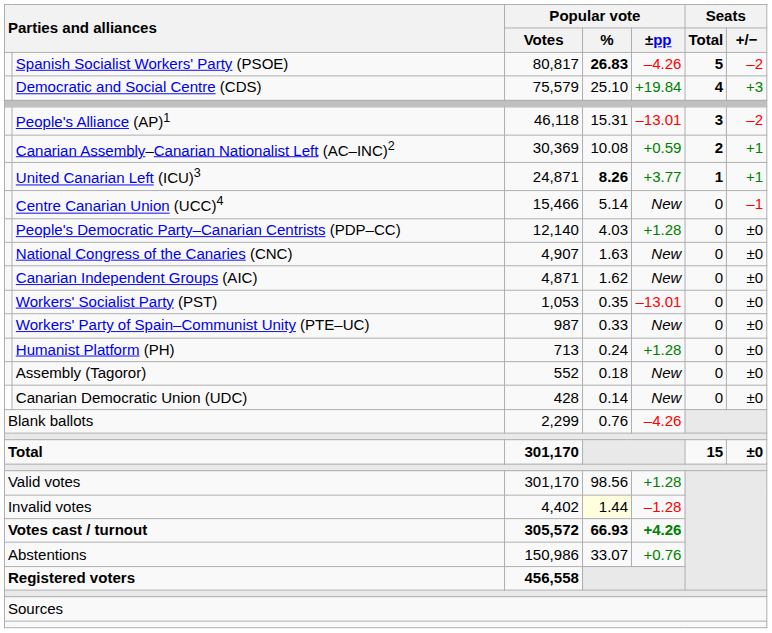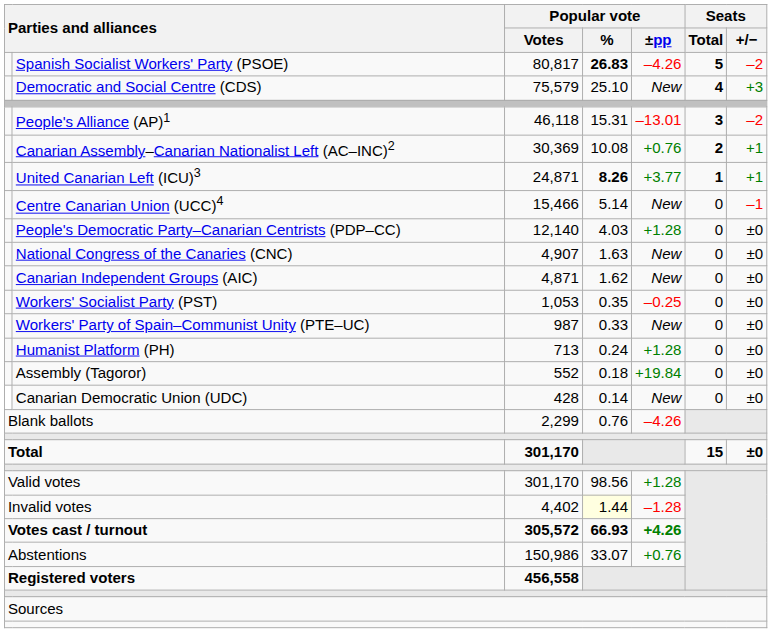 <table class="wikitable" style="text-align:right;">
 <tr>
 <th style="text-align:left;" rowspan="2" colspan="2" width="525">Parties and alliances</th>
 <th colspan="3">Popular vote</th>
 <th colspan="2">Seats</th>
 </tr>
 <tr>
 <th width="75">Votes</th>
 <th width="45">%</th>
 <th width="45">±<a href='#'>pp</a></th>
 <th width="35">Total</th>
 <th width="35">+/−</th>
 </tr>
 <tr>
 <td width="1" style="color:inherit;background:"></td>
 <td align="left"><a href='#'>Spanish Socialist Workers' Party</a> (PSOE)</td>
 <td>80,817</td>
 <td><strong>26.83</strong></td>
 <td style="color:red;">–4.26</td>
 <td><strong>5</strong></td>
 <td style="color:red;">–2</td>
 </tr>
 <tr>
 <td style="color:inherit;background:"></td>
 <td align="left"><a href='#'>Democratic and Social Centre</a> (CDS)</td>
 <td>75,579</td>
 <td>25.10</td>
-<td style="color:green;">+19.84</td>
+<td><em>New</em></td>
 <td><strong>4</strong></td>
 <td style="color:green;">+3</td>
 </tr>
 <tr>
 <td colspan="7" bgcolor="#C0C0C0"></td>
 </tr>
 <tr>
 <td style="color:inherit;background:"></td>
 <td align="left"><a href='#'>People's Alliance</a> (AP)<sup>1</sup></td>
 <td>46,118</td>
 <td>15.31</td>
 <td style="color:red;">–13.01</td>
 <td><strong>3</strong></td>
 <td style="color:red;">–2</td>
 </tr>
 <tr>
 <td style="color:inherit;background:"></td>
 <td align="left"><a href='#'>Canarian Assembly</a>–<a href='#'>Canarian Nationalist Left</a> (AC–INC)<sup>2</sup></td>
 <td>30,369</td>
 <td>10.08</td>
-<td style="color:green;">+0.59</td>
+<td style="color:green;">+0.76</td>
 <td><strong>2</strong></td>
 <td style="color:green;">+1</td>
 </tr>
 <tr>
 <td style="color:inherit;background:"></td>
 <td align="left"><a href='#'>United Canarian Left</a> (ICU)<sup>3</sup></td>
 <td>24,871</td>
 <td><strong>8.26</strong></td>
 <td style="color:green;">+3.77</td>
 <td><strong>1</strong></td>
 <td style="color:green;">+1</td>
 </tr>
 <tr>
 <td style="color:inherit;background:"></td>
 <td align="left"><a href='#'>Centre Canarian Union</a> (UCC)<sup>4</sup></td>
 <td>15,466</td>
 <td>5.14</td>
 <td><em>New</em></td>
 <td>0</td>
 <td style="color:red;">–1</td>
 </tr>
 <tr>
 <td style="color:inherit;background:"></td>
 <td align="left"><a href='#'>People's Democratic Party–Canarian Centrists</a> (PDP–CC)</td>
 <td>12,140</td>
 <td>4.03</td>
 <td style="color:green;">+1.28</td>
 <td>0</td>
 <td>±0</td>
 </tr>
 <tr>
 <td style="color:inherit;background:"></td>
 <td align="left"><a href='#'>National Congress of the Canaries</a> (CNC)</td>
 <td>4,907</td>
 <td>1.63</td>
 <td><em>New</em></td>
 <td>0</td>
 <td>±0</td>
 </tr>
 <tr>
 <td style="color:inherit;background:"></td>
 <td align="left"><a href='#'>Canarian Independent Groups</a> (AIC)</td>
 <td>4,871</td>
 <td>1.62</td>
 <td><em>New</em></td>
 <td>0</td>
 <td>±0</td>
 </tr>
 <tr>
 <td style="color:inherit;background:"></td>
 <td align="left"><a href='#'>Workers' Socialist Party</a> (PST)</td>
 <td>1,053</td>
 <td>0.35</td>
-<td style="color:red;">–13.01</td>
+<td style="color:red;">–0.25</td>
 <td>0</td>
 <td>±0</td>
 </tr>
 <tr>
 <td style="color:inherit;background:"></td>
 <td align="left"><a href='#'>Workers' Party of Spain–Communist Unity</a> (PTE–UC)</td>
 <td>987</td>
 <td>0.33</td>
 <td><em>New</em></td>
 <td>0</td>
 <td>±0</td>
 </tr>
 <tr>
 <td style="color:inherit;background:"></td>
 <td align="left"><a href='#'>Humanist Platform</a> (PH)</td>
 <td>713</td>
 <td>0.24</td>
 <td style="color:green;">+1.28</td>
 <td>0</td>
 <td>±0</td>
 </tr>
 <tr>
 <td style="color:inherit;background:"></td>
 <td align="left">Assembly (Tagoror)</td>
 <td>552</td>
 <td>0.18</td>
-<td><em>New</em></td>
+<td style="color:green;">+19.84</td>
 <td>0</td>
 <td>±0</td>
 </tr>
 <tr>
 <td bgcolor="white"></td>
 <td align="left">Canarian Democratic Union (UDC)</td>
 <td>428</td>
 <td>0.14</td>
 <td><em>New</em></td>
 <td>0</td>
 <td>±0</td>
 </tr>
 <tr>
 <td align="left" colspan="2">Blank ballots</td>
 <td>2,299</td>
 <td>0.76</td>
 <td style="color:red;">–4.26</td>
 <td bgcolor="#E9E9E9" colspan="2"></td>
 </tr>
 <tr>
 <td colspan="7" bgcolor="#E9E9E9"></td>
 </tr>
 <tr style="font-weight:bold;">
 <td align="left" colspan="2">Total</td>
 <td>301,170</td>
 <td bgcolor="#E9E9E9" colspan="2"></td>
 <td>15</td>
 <td>±0</td>
 </tr>
 <tr>
 <td colspan="7" bgcolor="#E9E9E9"></td>
 </tr>
 <tr>
 <td align="left" colspan="2">Valid votes</td>
 <td>301,170</td>
 <td>98.56</td>
 <td style="color:green;">+1.28</td>
 <td bgcolor="#E9E9E9" colspan="2" rowspan="5"></td>
 </tr>
 <tr>
 <td align="left" colspan="2">Invalid votes</td>
 <td>4,402</td>
 <td style="background: lightyellow;">1.44</td>
 <td style="color:red;">–1.28</td>
 </tr>
 <tr style="font-weight:bold;">
 <td align="left" colspan="2">Votes cast / turnout</td>
 <td>305,572</td>
 <td>66.93</td>
 <td style="color:green;">+4.26</td>
 </tr>
 <tr>
 <td align="left" colspan="2">Abstentions</td>
 <td>150,986</td>
 <td>33.07</td>
 <td style="color:green;">+0.76</td>
 </tr>
 <tr style="font-weight:bold;">
 <td align="left" colspan="2">Registered voters</td>
 <td>456,558</td>
 <td bgcolor="#E9E9E9" colspan="2"></td>
 </tr>
 <tr>
 <td colspan="7" bgcolor="#E9E9E9"></td>
 </tr>
 <tr>
 <td align="left" colspan="7">Sources</td>
 </tr>
 <tr>
 <td colspan="7" style="text-align:left; max-width:790px;"></td>
 </tr>
 </table>
